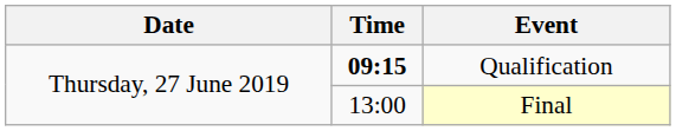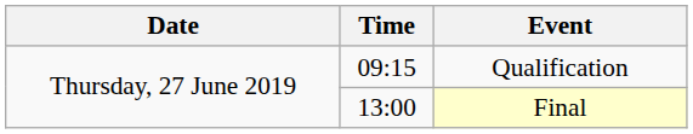 <table class = "wikitable" style="text-align:center;">
 <tr>
 <th width=200>Date</th>
 <th width=50>Time</th>
 <th width=150>Event</th>
 </tr>
 <tr>
 <td rowspan=2>Thursday, 27 June 2019</td>
-<td><strong>09:15</strong></td>
+<td>09:15</td>
 <td>Qualification</td>
 </tr>
 <tr>
 <td>13:00</td>
 <td bgcolor=ffffcc>Final</td>
 </tr>
 </table>
